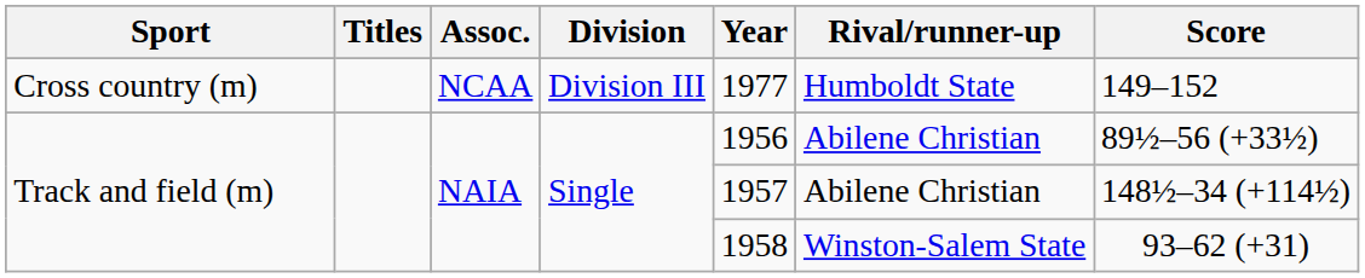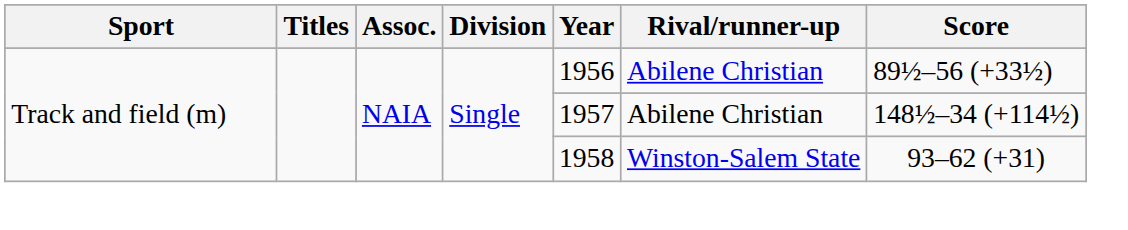 <table class="wikitable"; style= "text-align: ">
 <tr>
 <th width=150px>Sport</th>
 <th width=px>Titles</th>
 <th width=px>Assoc.</th>
 <th width=px>Division</th>
 <th width=px>Year</th>
 <th width=px>Rival/runner-up</th>
 <th width=px>Score</th>
-</tr>
-<tr>
-<td>Cross country (m)</td>
-<td></td>
-<td><a href='#'>NCAA</a></td>
-<td><a href='#'>Division III</a></td>
-<td>1977</td>
-<td><a href='#'>Humboldt State</a></td>
-<td>149–152</td>
 </tr>
 <tr>
 <td rowspan="3">Track and field (m)</td>
 <td rowspan=3></td>
 <td rowspan="3"><a href='#'>NAIA</a></td>
 <td rowspan="3"><a href='#'>Single</a></td>
 <td>1956</td>
 <td><a href='#'>Abilene Christian</a></td>
 <td>89½–56 (+33½)</td>
 </tr>
 <tr>
 <td>1957</td>
 <td>Abilene Christian</td>
 <td>148½–34 (+114½)</td>
 </tr>
 <tr align="center">
 <td>1958</td>
 <td><a href='#'>Winston-Salem State</a></td>
 <td>93–62 (+31)</td>
 </tr>
 </table>
